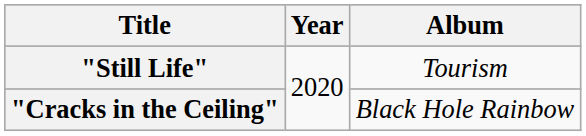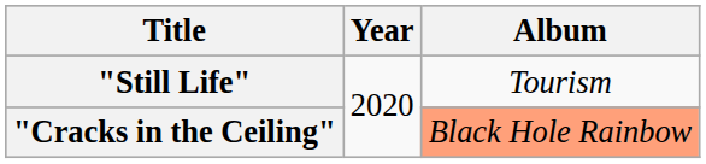 <table class="wikitable plainrowheaders" style="text-align:center">
 <tr>
 <th>Title</th>
 <th>Year</th>
 <th>Album</th>
 </tr>
 <tr>
 <th scope="row">"Still Life"<br></th>
 <td rowspan="2">2020</td>
 <td><em>Tourism</em></td>
 </tr>
 <tr>
 <th scope="row">"Cracks in the Ceiling"<br></th>
-<td><em>Black Hole Rainbow</em></td>
+<td style="background: lightsalmon;"><em>Black Hole Rainbow</em></td>
 </tr>
 </table>
